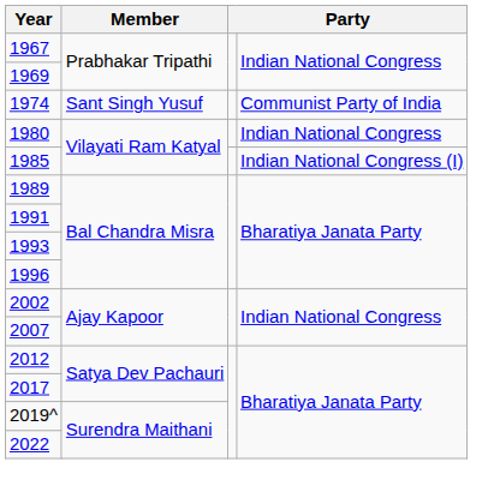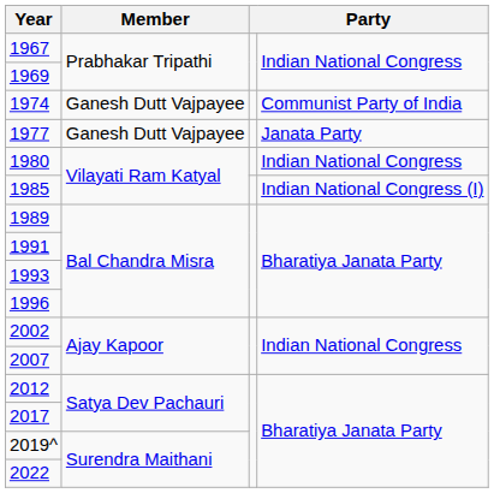 <table class="wikitable">
 <tr>
 <th>Year</th>
 <th>Member</th>
 <th colspan="2">Party</th>
 </tr>
 <tr>
 <td><a href='#'>1967</a></td>
 <td rowspan="2">Prabhakar Tripathi</td>
 <td rowspan="2" style="background-color: "></td>
 <td rowspan="2"><a href='#'>Indian National Congress</a></td>
 </tr>
 <tr>
 <td><a href='#'>1969</a></td>
 </tr>
 <tr>
 <td><a href='#'>1974</a></td>
-<td><a href='#'>Sant Singh Yusuf</a></td>
+<td>Ganesh Dutt Vajpayee</td>
 <td style="background-color: "></td>
 <td><a href='#'>Communist Party of India</a></td>
+</tr>
+<tr>
+<td><a href='#'>1977</a></td>
+<td>Ganesh Dutt Vajpayee</td>
+<td style="background-color: "></td>
+<td><a href='#'>Janata Party</a></td>
 </tr>
 <tr>
 <td><a href='#'>1980</a></td>
 <td rowspan="2"><a href='#'>Vilayati Ram Katyal</a></td>
 <td style="background-color: "></td>
 <td><a href='#'>Indian National Congress</a></td>
 </tr>
 <tr>
 <td><a href='#'>1985</a></td>
 <td style="background-color: "></td>
 <td><a href='#'>Indian National Congress (I)</a></td>
 </tr>
 <tr>
 <td><a href='#'>1989</a></td>
 <td rowspan="4"><a href='#'>Bal Chandra Misra</a></td>
 <td rowspan="4" style="background-color: "></td>
 <td rowspan="4"><a href='#'>Bharatiya Janata Party</a></td>
 </tr>
 <tr>
 <td><a href='#'>1991</a></td>
 </tr>
 <tr>
 <td><a href='#'>1993</a></td>
 </tr>
 <tr>
 <td><a href='#'>1996</a></td>
 </tr>
 <tr>
 <td><a href='#'>2002</a></td>
 <td rowspan="2"><a href='#'>Ajay Kapoor</a></td>
 <td rowspan="2" style="background-color: "></td>
 <td rowspan="2"><a href='#'>Indian National Congress</a></td>
 </tr>
 <tr>
 <td><a href='#'>2007</a></td>
 </tr>
 <tr>
 <td><a href='#'>2012</a></td>
 <td rowspan="2"><a href='#'>Satya Dev Pachauri</a></td>
 <td rowspan="4" style="background-color: "></td>
 <td rowspan="4"><a href='#'>Bharatiya Janata Party</a></td>
 </tr>
 <tr>
 <td><a href='#'>2017</a></td>
 </tr>
 <tr>
 <td>2019^</td>
 <td rowspan="2"><a href='#'>Surendra Maithani</a></td>
 </tr>
 <tr>
 <td><a href='#'>2022</a></td>
 </tr>
 </table>
